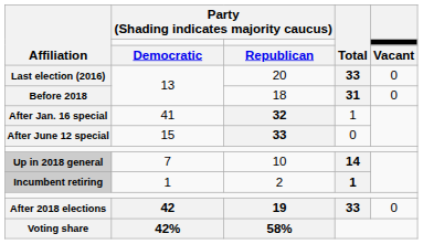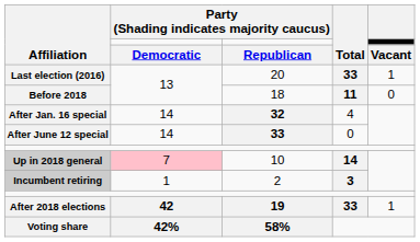 <table class=wikitable style="text-align:center">
 <tr style="vertical-align:bottom;">
 <th rowspan=3>Affiliation</th>
 <th colspan=2>Party <div>(Shading indicates majority caucus)</div></th>
 <th rowspan=3>Total</th>
 <th></th>
 </tr>
 <tr style="height:5px">
 <td style="background-color:"></td>
 <td style="background-color:"></td>
 <td style="background-color:black"></td>
 </tr>
 <tr>
 <th><a href='#'>Democratic</a></th>
 <th><a href='#'>Republican</a></th>
 <th>Vacant</th>
 </tr>
 <tr>
 <th nowrap style="font-size:80%">Last election (2016)</th>
 <td rowspan="2">13</td>
 <td>20</td>
 <th>33</th>
-<td>0</td>
+<td>1</td>
 </tr>
 <tr>
 <th nowrap style="font-size:80%">Before 2018</th>
 <td>18</td>
-<th>31</th>
+<th>11</th>
 <td>0</td>
 </tr>
 <tr>
 <th nowrap style="font-size:80%">After Jan. 16 special</th>
-<td>41</td>
+<td>14</td>
 <th>32</th>
-<td>1</td>
+<td>4</td>
 </tr>
 <tr>
 <th nowrap style="font-size:80%">After June 12 special</th>
-<td>15</td>
+<td>14</td>
 <th>33</th>
 <td>0</td>
 </tr>
 <tr>
 <td colspan=99></td>
 </tr>
 <tr>
 <th nowrap style="font-size:80%; background:#ccc">Up in 2018 general</th>
-<td>7</td>
+<td style="background: pink;">7</td>
 <td>10</td>
 <th>14</th>
 <td rowspan="2"></td>
 </tr>
 <tr>
 <th nowrap style="font-size:80%; background:#ccc">Incumbent retiring</th>
 <td>1</td>
 <td>2</td>
-<th>1</th>
+<th>3</th>
 </tr>
 <tr>
 <td colspan=99></td>
 </tr>
 <tr>
 <th nowrap style="font-size:80%">After 2018 elections</th>
 <th>42</th>
 <th>19</th>
 <th>33</th>
-<td>0</td>
+<td>1</td>
 </tr>
 <tr>
 <th nowrap style="font-size:80%">Voting share</th>
 <th>42%</th>
 <th>58%</th>
 <td colspan="2"></td>
 </tr>
 </table>
